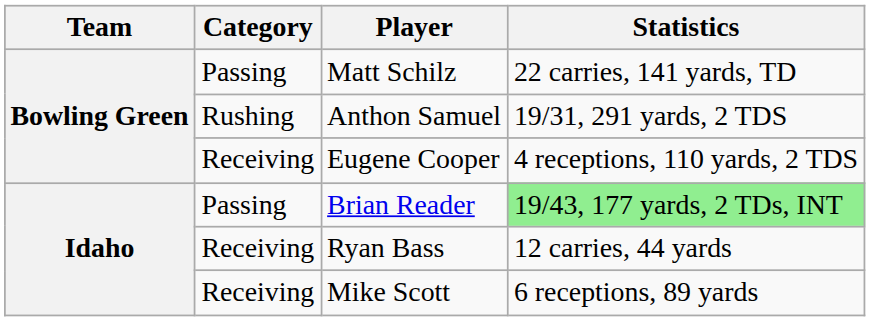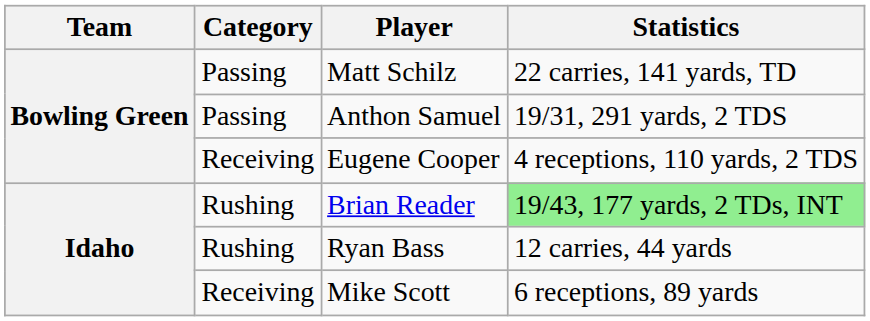 <table class="wikitable" style="float:right">
 <tr>
 <th>Team</th>
 <th>Category</th>
 <th>Player</th>
 <th>Statistics</th>
 </tr>
 <tr>
 <th rowspan=3>Bowling Green</th>
 <td>Passing</td>
 <td>Matt Schilz</td>
 <td>22 carries, 141 yards, TD</td>
 </tr>
 <tr>
-<td>Rushing</td>
+<td>Passing</td>
 <td>Anthon Samuel</td>
 <td>19/31, 291 yards, 2 TDS</td>
 </tr>
 <tr>
 <td>Receiving</td>
 <td>Eugene Cooper</td>
 <td>4 receptions, 110 yards, 2 TDS</td>
 </tr>
 <tr>
 <th rowspan=3>Idaho</th>
-<td>Passing</td>
+<td>Rushing</td>
 <td><a href='#'>Brian Reader</a></td>
 <td style="background: lightgreen;">19/43, 177 yards, 2 TDs, INT</td>
 </tr>
 <tr>
-<td>Receiving</td>
+<td>Rushing</td>
 <td>Ryan Bass</td>
 <td>12 carries, 44 yards</td>
 </tr>
 <tr>
 <td>Receiving</td>
 <td>Mike Scott</td>
 <td>6 receptions, 89 yards</td>
 </tr>
 </table>
